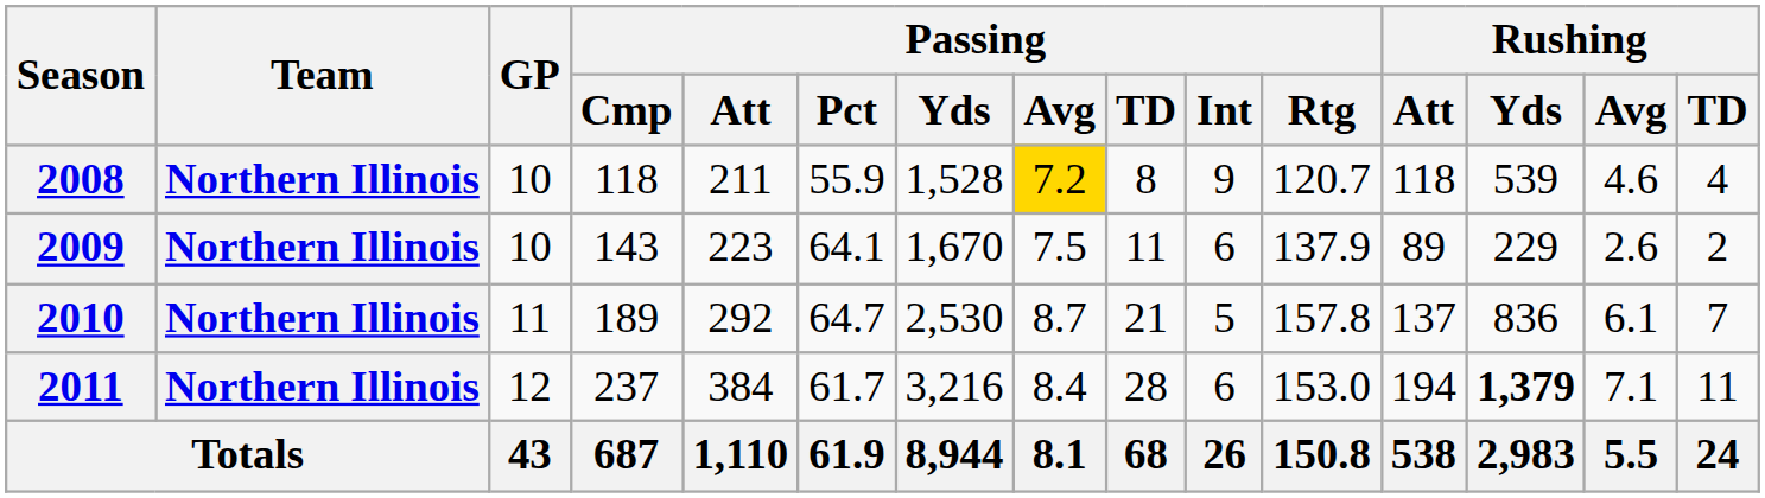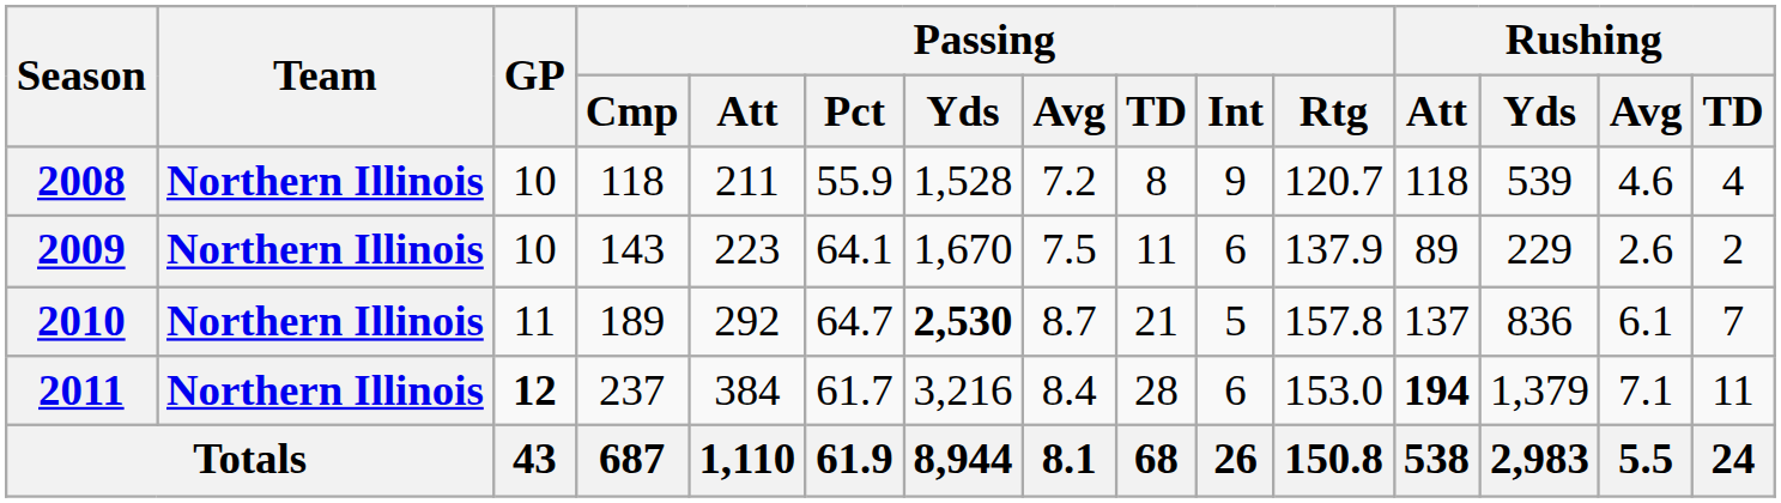 <table class=wikitable style="text-align:center;">
 <tr>
 <th rowspan="2">Season</th>
 <th rowspan="2">Team</th>
 <th rowspan="2">GP</th>
 <th colspan="8">Passing</th>
 <th colspan="4">Rushing</th>
 </tr>
 <tr>
 <th>Cmp</th>
 <th>Att</th>
 <th>Pct</th>
 <th>Yds</th>
 <th>Avg</th>
 <th>TD</th>
 <th>Int</th>
 <th>Rtg</th>
 <th>Att</th>
 <th>Yds</th>
 <th>Avg</th>
 <th>TD</th>
 </tr>
 <tr>
 <th><a href='#'>2008</a></th>
 <th><a href='#'>Northern Illinois</a></th>
 <td>10</td>
 <td>118</td>
 <td>211</td>
 <td>55.9</td>
 <td>1,528</td>
-<td style="background: gold;">7.2</td>
+<td>7.2</td>
 <td>8</td>
 <td>9</td>
 <td>120.7</td>
 <td>118</td>
 <td>539</td>
 <td>4.6</td>
 <td>4</td>
 </tr>
 <tr>
 <th><a href='#'>2009</a></th>
 <th><a href='#'>Northern Illinois</a></th>
 <td>10</td>
 <td>143</td>
 <td>223</td>
 <td>64.1</td>
 <td>1,670</td>
 <td>7.5</td>
 <td>11</td>
 <td>6</td>
 <td>137.9</td>
 <td>89</td>
 <td>229</td>
 <td>2.6</td>
 <td>2</td>
 </tr>
 <tr>
 <th><a href='#'>2010</a></th>
 <th><a href='#'>Northern Illinois</a></th>
 <td>11</td>
 <td>189</td>
 <td>292</td>
 <td>64.7</td>
-<td>2,530</td>
+<td><strong>2,530</strong></td>
 <td>8.7</td>
 <td>21</td>
 <td>5</td>
 <td>157.8</td>
 <td>137</td>
 <td>836</td>
 <td>6.1</td>
 <td>7</td>
 </tr>
 <tr>
 <th><a href='#'>2011</a></th>
 <th><a href='#'>Northern Illinois</a></th>
-<td>12</td>
+<td><strong>12</strong></td>
 <td>237</td>
 <td>384</td>
 <td>61.7</td>
 <td>3,216</td>
 <td>8.4</td>
 <td>28</td>
 <td>6</td>
 <td>153.0</td>
-<td>194</td>
-<td><strong>1,379</strong></td>
+<td><strong>194</strong></td>
+<td>1,379</td>
 <td>7.1</td>
 <td>11</td>
 </tr>
 <tr>
 <th colspan="2">Totals</th>
 <th>43</th>
 <th>687</th>
 <th>1,110</th>
 <th>61.9</th>
 <th>8,944</th>
 <th>8.1</th>
 <th>68</th>
 <th>26</th>
 <th>150.8</th>
 <th>538</th>
 <th>2,983</th>
 <th>5.5</th>
 <th>24</th>
 </tr>
 </table>
